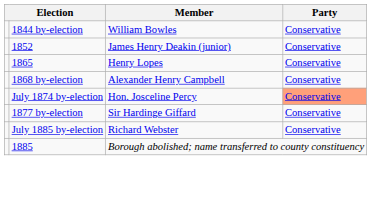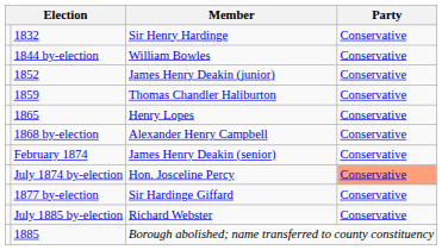 <table class="wikitable">
 <tr>
 <th colspan="2">Election</th>
 <th>Member</th>
 <th>Party</th>
+</tr>
+<tr>
+<td style="color:inherit;background-color: "></td>
+<td><a href='#'>1832</a></td>
+<td><a href='#'>Sir Henry Hardinge</a></td>
+<td><a href='#'>Conservative</a></td>
 </tr>
 <tr>
 <td style="color:inherit;background-color: "></td>
 <td><a href='#'>1844 by-election</a></td>
 <td><a href='#'>William Bowles</a></td>
 <td><a href='#'>Conservative</a></td>
 </tr>
 <tr>
 <td style="color:inherit;background-color: "></td>
 <td><a href='#'>1852</a></td>
 <td><a href='#'>James Henry Deakin (junior)</a></td>
 <td><a href='#'>Conservative</a></td>
 </tr>
 <tr>
 <td style="color:inherit;background-color: "></td>
+<td><a href='#'>1859</a></td>
+<td><a href='#'>Thomas Chandler Haliburton</a></td>
+<td><a href='#'>Conservative</a></td>
+</tr>
+<tr>
+<td style="color:inherit;background-color: "></td>
 <td><a href='#'>1865</a></td>
 <td><a href='#'>Henry Lopes</a></td>
 <td><a href='#'>Conservative</a></td>
 </tr>
 <tr>
 <td style="color:inherit;background-color: "></td>
 <td><a href='#'>1868 by-election</a></td>
 <td><a href='#'>Alexander Henry Campbell</a></td>
+<td><a href='#'>Conservative</a></td>
+</tr>
+<tr>
+<td style="color:inherit;background-color: "></td>
+<td><a href='#'>February 1874</a></td>
+<td><a href='#'>James Henry Deakin (senior)</a></td>
 <td><a href='#'>Conservative</a></td>
 </tr>
 <tr>
 <td style="color:inherit;background-color: "></td>
 <td><a href='#'>July 1874 by-election</a></td>
 <td><a href='#'>Hon. Josceline Percy</a></td>
 <td style="background: lightsalmon;"><a href='#'>Conservative</a></td>
 </tr>
 <tr>
 <td style="color:inherit;background-color: "></td>
 <td><a href='#'>1877 by-election</a></td>
 <td><a href='#'>Sir Hardinge Giffard</a></td>
 <td><a href='#'>Conservative</a></td>
 </tr>
 <tr>
 <td style="color:inherit;background-color: "></td>
 <td><a href='#'>July 1885 by-election</a></td>
 <td><a href='#'>Richard Webster</a></td>
 <td><a href='#'>Conservative</a></td>
 </tr>
 <tr>
 <td></td>
 <td><a href='#'>1885</a></td>
 <td colspan="2"><em>Borough abolished; name transferred to county constituency</em></td>
 </tr>
 </table>
